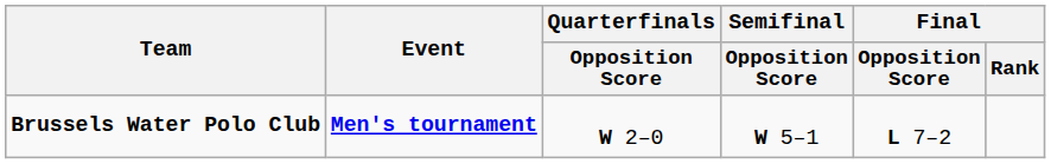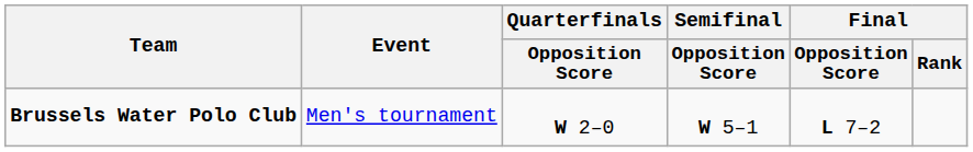 <table class=wikitable style=font-size:90%>
 <tr>
 <th rowspan=2>Team</th>
 <th rowspan=2>Event</th>
 <th>Quarterfinals</th>
 <th>Semifinal</th>
 <th colspan=2>Final</th>
 </tr>
 <tr style=font-size:95%>
 <th>Opposition<br>Score</th>
 <th>Opposition<br>Score</th>
 <th>Opposition<br>Score</th>
 <th>Rank</th>
 </tr>
 <tr align=center>
 <td align=left><strong>Brussels Water Polo Club</strong></td>
-<td align=left><strong><a href='#'>Men's tournament</a></strong></td>
+<td align=left><a href='#'>Men's tournament</a></td>
 <td><br><strong>W</strong> 2–0</td>
 <td><br><strong>W</strong> 5–1</td>
 <td><br><strong>L</strong> 7–2</td>
 <td></td>
 </tr>
 </table>
